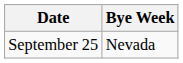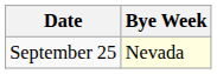 <table class="wikitable" style="font-size:95%">
 <tr>
 <th>Date</th>
 <th colspan="1">Bye Week</th>
 </tr>
 <tr>
 <td>September 25</td>
-<td>Nevada</td>
+<td style="background: lightyellow;">Nevada</td>
 </tr>
 </table>
